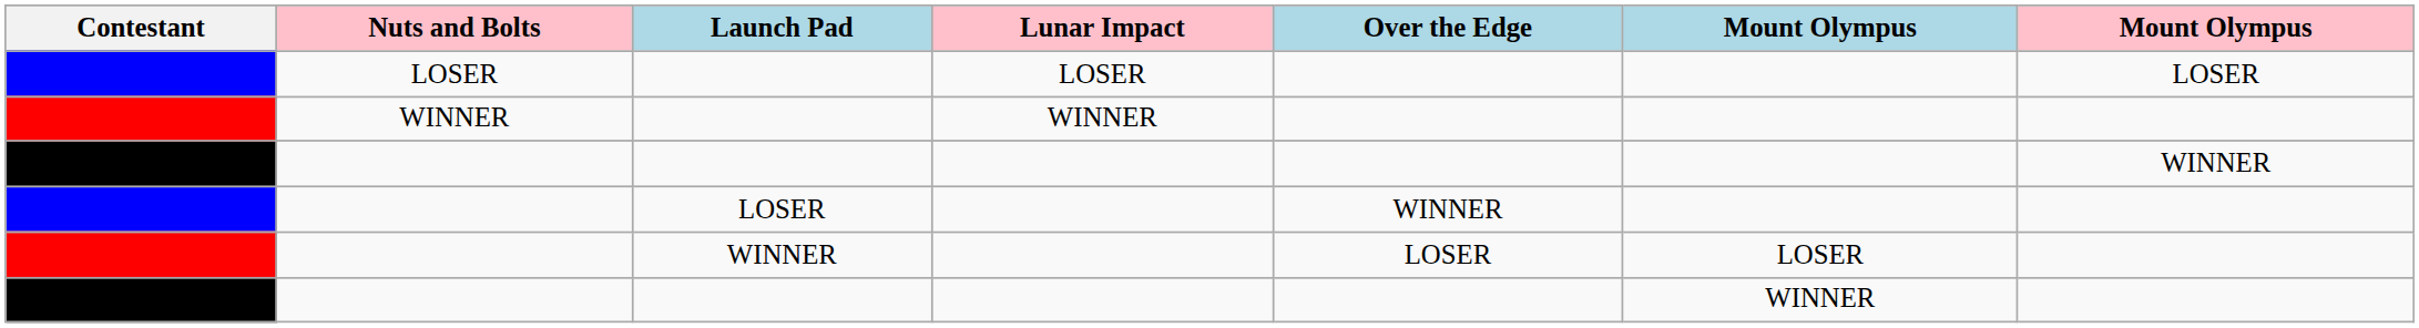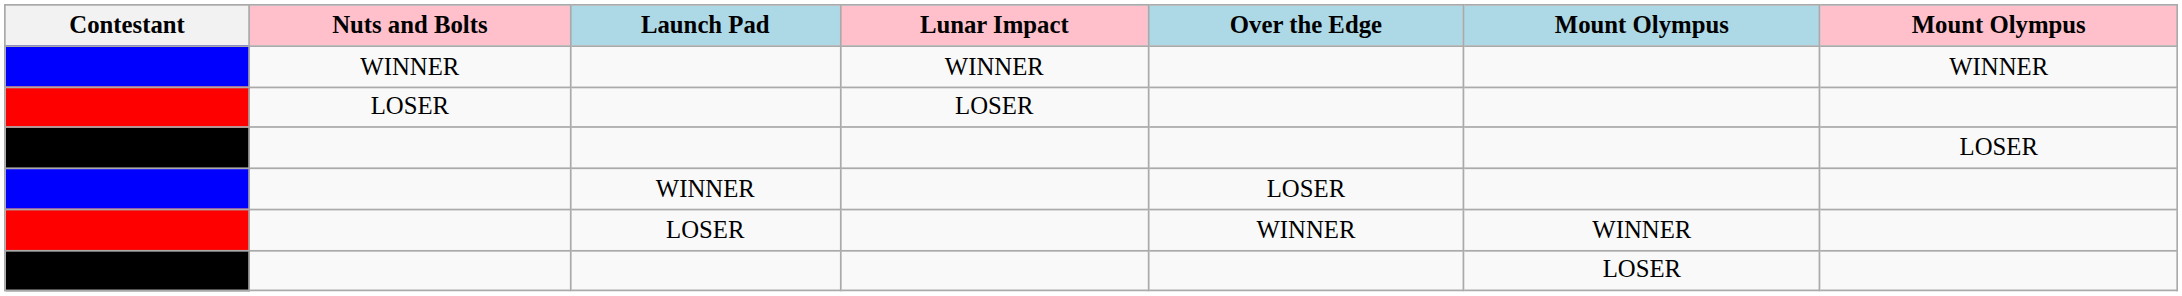 <table class="wikitable" style="text-align:center; font-size:90%; width:100%">
 <tr>
 <th>Contestant</th>
 <th style="background:pink;">Nuts and Bolts</th>
 <th style="background:lightblue;">Launch Pad</th>
 <th style="background:pink;">Lunar Impact</th>
 <th style="background:lightblue;">Over the Edge</th>
 <th style="background:lightblue;">Mount Olympus</th>
 <th style="background:pink;">Mount Olympus</th>
 </tr>
 <tr>
 <td style="background:blue;"></td>
+<td>WINNER</td>
+<td></td>
+<td>WINNER</td>
+<td></td>
+<td></td>
+<td>WINNER</td>
+</tr>
+<tr>
+<td style="background:red;"></td>
 <td>LOSER</td>
 <td></td>
 <td>LOSER</td>
-<td></td>
-<td></td>
-<td>LOSER</td>
-</tr>
-<tr>
-<td style="background:red;"></td>
-<td>WINNER</td>
-<td></td>
-<td>WINNER</td>
 <td></td>
 <td></td>
 <td></td>
 </tr>
 <tr>
 <td style="background:black;"></td>
 <td></td>
 <td></td>
 <td></td>
 <td></td>
 <td></td>
-<td>WINNER</td>
+<td>LOSER</td>
 </tr>
 <tr>
 <td style="background:blue;"></td>
 <td></td>
+<td>WINNER</td>
+<td></td>
 <td>LOSER</td>
-<td></td>
-<td>WINNER</td>
 <td></td>
 <td></td>
 </tr>
 <tr>
 <td style="background:red;"></td>
 <td></td>
+<td>LOSER</td>
+<td></td>
 <td>WINNER</td>
-<td></td>
-<td>LOSER</td>
-<td>LOSER</td>
+<td>WINNER</td>
 <td></td>
 </tr>
 <tr>
 <td style="background:black;"></td>
 <td></td>
 <td></td>
 <td></td>
 <td></td>
-<td>WINNER</td>
+<td>LOSER</td>
 <td></td>
 </tr>
 </table>
